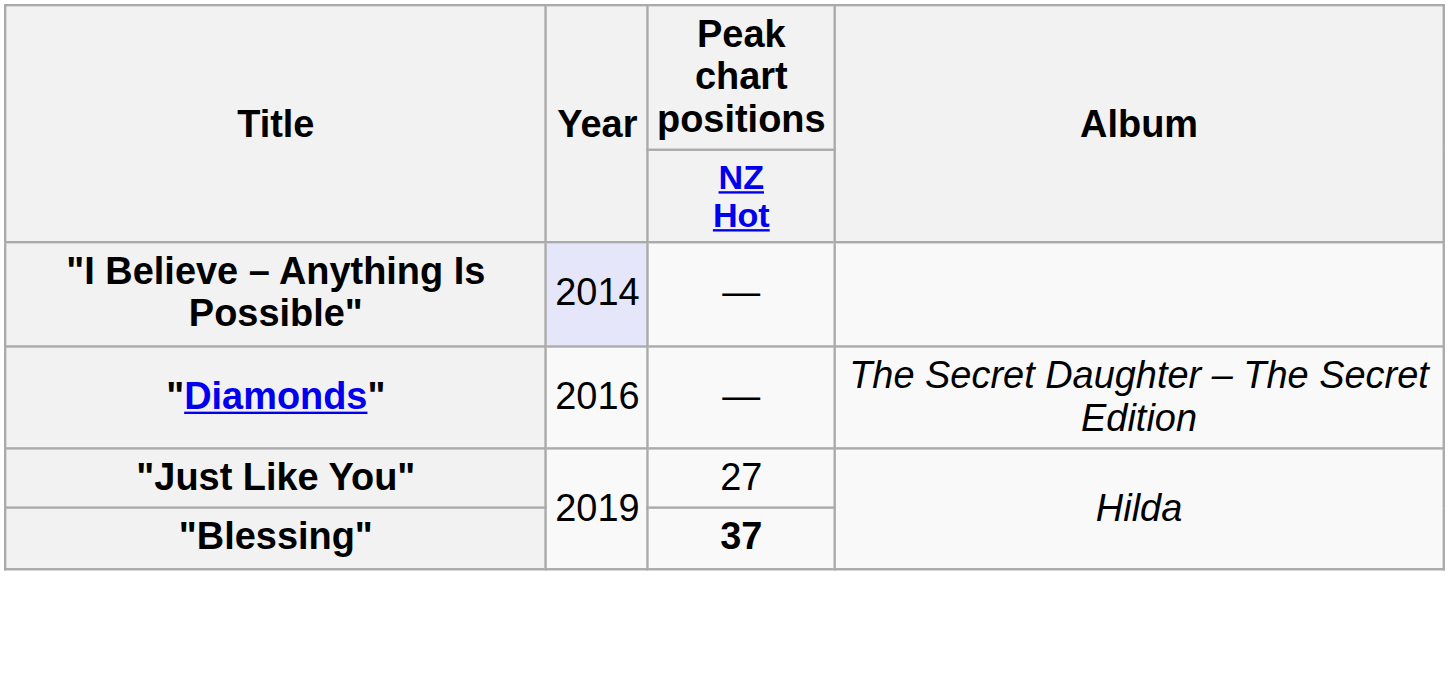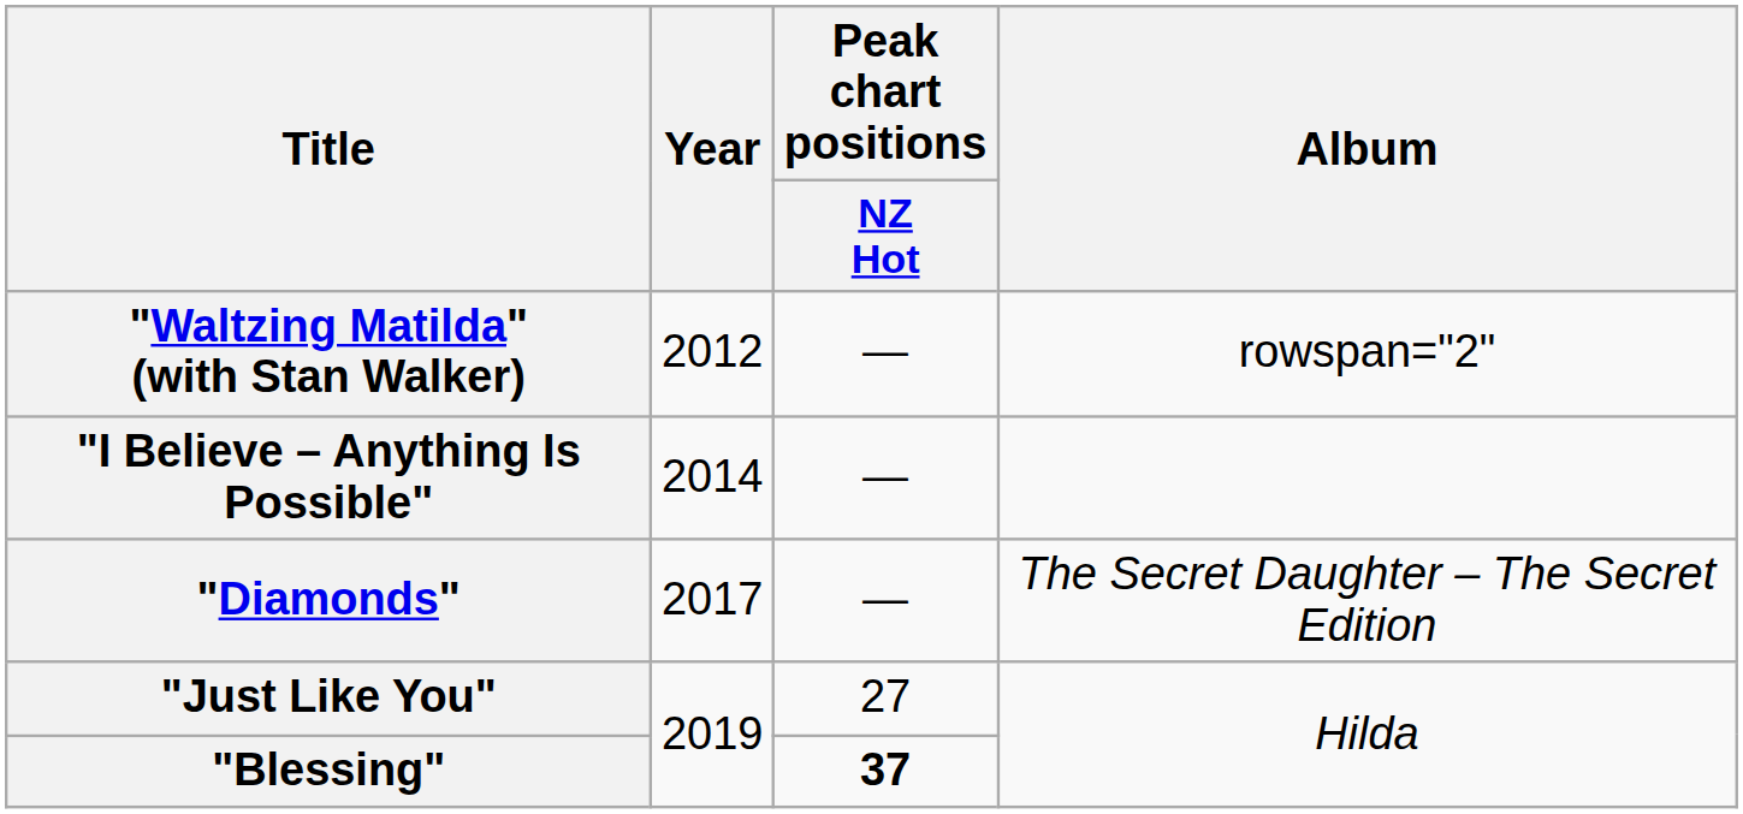 <table class="wikitable plainrowheaders" style="text-align:center;">
 <tr>
 <th scope="col" rowspan="2">Title</th>
 <th scope="col" rowspan="2" style="width:1em;">Year</th>
 <th scope="col" colspan="1">Peak chart positions</th>
 <th scope="col" rowspan="2">Album</th>
 </tr>
 <tr>
 <th scope="col" style="width:3em;font-size:90%;"><a href='#'>NZ<br>Hot</a><br></th>
 </tr>
 <tr>
+<th scope="row">"<a href='#'>Waltzing Matilda</a>"<br><span>(with Stan Walker)</span></th>
+<td>2012</td>
+<td>—</td>
+<td>rowspan="2" </td>
+</tr>
+<tr>
 <th scope="row">"I Believe – Anything Is Possible"</th>
-<td style="background: lavender;">2014</td>
+<td>2014</td>
 <td>—</td>
 </tr>
 <tr>
 <th scope="row">"<a href='#'>Diamonds</a>"</th>
-<td>2016</td>
+<td>2017</td>
 <td>—</td>
 <td><em>The Secret Daughter – The Secret Edition</em></td>
 </tr>
 <tr>
 <th scope="row">"Just Like You"</th>
 <td rowspan="2">2019</td>
 <td>27</td>
 <td rowspan="2"><em>Hilda</em></td>
 </tr>
 <tr>
 <th scope="row">"Blessing"</th>
 <td><strong>37</strong></td>
 </tr>
 </table>
